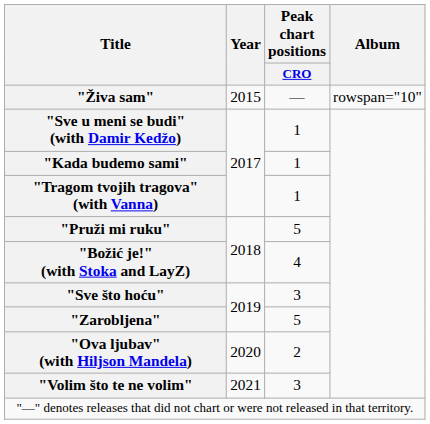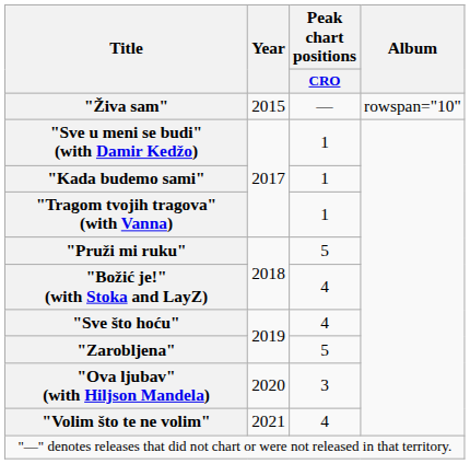 <table class="wikitable plainrowheaders" style="text-align:center;">
 <tr>
 <th scope="col" rowspan="2" style="width:14em;">Title</th>
 <th scope="col" rowspan="2" style="width:1em;">Year</th>
 <th scope="col" colspan="1">Peak chart positions</th>
 <th scope="col" rowspan="2">Album</th>
 </tr>
 <tr>
 <th scope="col" style="width:3em;font-size:85%;"><a href='#'>CRO</a><br></th>
 </tr>
 <tr>
 <th scope="row">"Živa sam"</th>
 <td rowspan="1">2015</td>
 <td>—</td>
 <td>rowspan="10" </td>
 </tr>
 <tr>
 <th scope="row">"Sve u meni se budi"<br><span>(with <a href='#'>Damir Kedžo</a>)</span></th>
 <td rowspan="3">2017</td>
 <td>1</td>
 </tr>
 <tr>
 <th scope="row">"Kada budemo sami"</th>
 <td>1</td>
 </tr>
 <tr>
 <th scope="row">"Tragom tvojih tragova"<br><span>(with <a href='#'>Vanna</a>)</span></th>
 <td>1</td>
 </tr>
 <tr>
 <th scope="row">"Pruži mi ruku"</th>
 <td rowspan="2">2018</td>
 <td>5</td>
 </tr>
 <tr>
 <th scope="row">"Božić je!"<br><span>(with <a href='#'>Stoka</a> and LayZ)</span></th>
 <td>4</td>
 </tr>
 <tr>
 <th scope="row">"Sve što hoću"</th>
 <td rowspan="2">2019</td>
-<td>3</td>
+<td>4</td>
 </tr>
 <tr>
 <th scope="row">"Zarobljena"</th>
 <td>5</td>
 </tr>
 <tr>
 <th scope="row">"Ova ljubav"<br><span>(with <a href='#'>Hiljson Mandela</a>)</span></th>
 <td rowspan="1">2020</td>
-<td>2</td>
+<td>3</td>
 </tr>
 <tr>
 <th scope="row">"Volim što te ne volim"</th>
 <td rowspan="1">2021</td>
-<td>3</td>
+<td>4</td>
 </tr>
 <tr>
 <td colspan="22" style="text-align:center; font-size:85%;">"—" denotes releases that did not chart or were not released in that territory.</td>
 </tr>
 </table>
